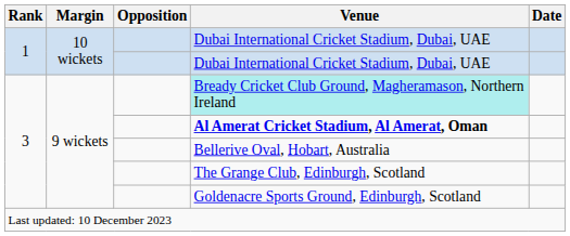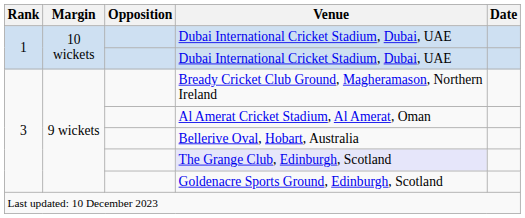 <table class="wikitable plainrowheaders sortable">
 <tr>
 <th scope=col>Rank</th>
 <th scope=col>Margin</th>
 <th scope=col>Opposition</th>
 <th scope=col>Venue</th>
 <th scope=col>Date</th>
 </tr>
 <tr bgcolor=#cee0f2>
 <td align=center rowspan=2>1</td>
 <td align=center rowspan=2>10 wickets</td>
 <td></td>
 <td><a href='#'>Dubai International Cricket Stadium</a>, <a href='#'>Dubai</a>, UAE</td>
 <td></td>
 </tr>
 <tr bgcolor=#cee0f2>
 <td></td>
 <td><a href='#'>Dubai International Cricket Stadium</a>, <a href='#'>Dubai</a>, UAE</td>
 <td></td>
 </tr>
 <tr>
 <td align=center rowspan=5>3</td>
 <td align=center rowspan=5>9 wickets</td>
 <td></td>
-<td style="background: paleturquoise;"><a href='#'>Bready Cricket Club Ground</a>, <a href='#'>Magheramason</a>, Northern Ireland</td>
+<td><a href='#'>Bready Cricket Club Ground</a>, <a href='#'>Magheramason</a>, Northern Ireland</td>
 <td></td>
 </tr>
 <tr>
 <td></td>
-<td><strong><a href='#'>Al Amerat Cricket Stadium</a>, <a href='#'>Al Amerat</a>, Oman</strong></td>
+<td><a href='#'>Al Amerat Cricket Stadium</a>, <a href='#'>Al Amerat</a>, Oman</td>
 <td></td>
 </tr>
 <tr>
 <td></td>
 <td><a href='#'>Bellerive Oval</a>, <a href='#'>Hobart</a>, Australia</td>
 <td></td>
 </tr>
 <tr>
 <td></td>
-<td><a href='#'>The Grange Club</a>, <a href='#'>Edinburgh</a>, Scotland</td>
+<td style="background: lavender;"><a href='#'>The Grange Club</a>, <a href='#'>Edinburgh</a>, Scotland</td>
 <td></td>
 </tr>
 <tr>
 <td></td>
 <td><a href='#'>Goldenacre Sports Ground</a>, <a href='#'>Edinburgh</a>, Scotland</td>
 <td></td>
 </tr>
 <tr>
 <td colspan=5><small>Last updated: 10 December 2023</small></td>
 </tr>
 </table>
